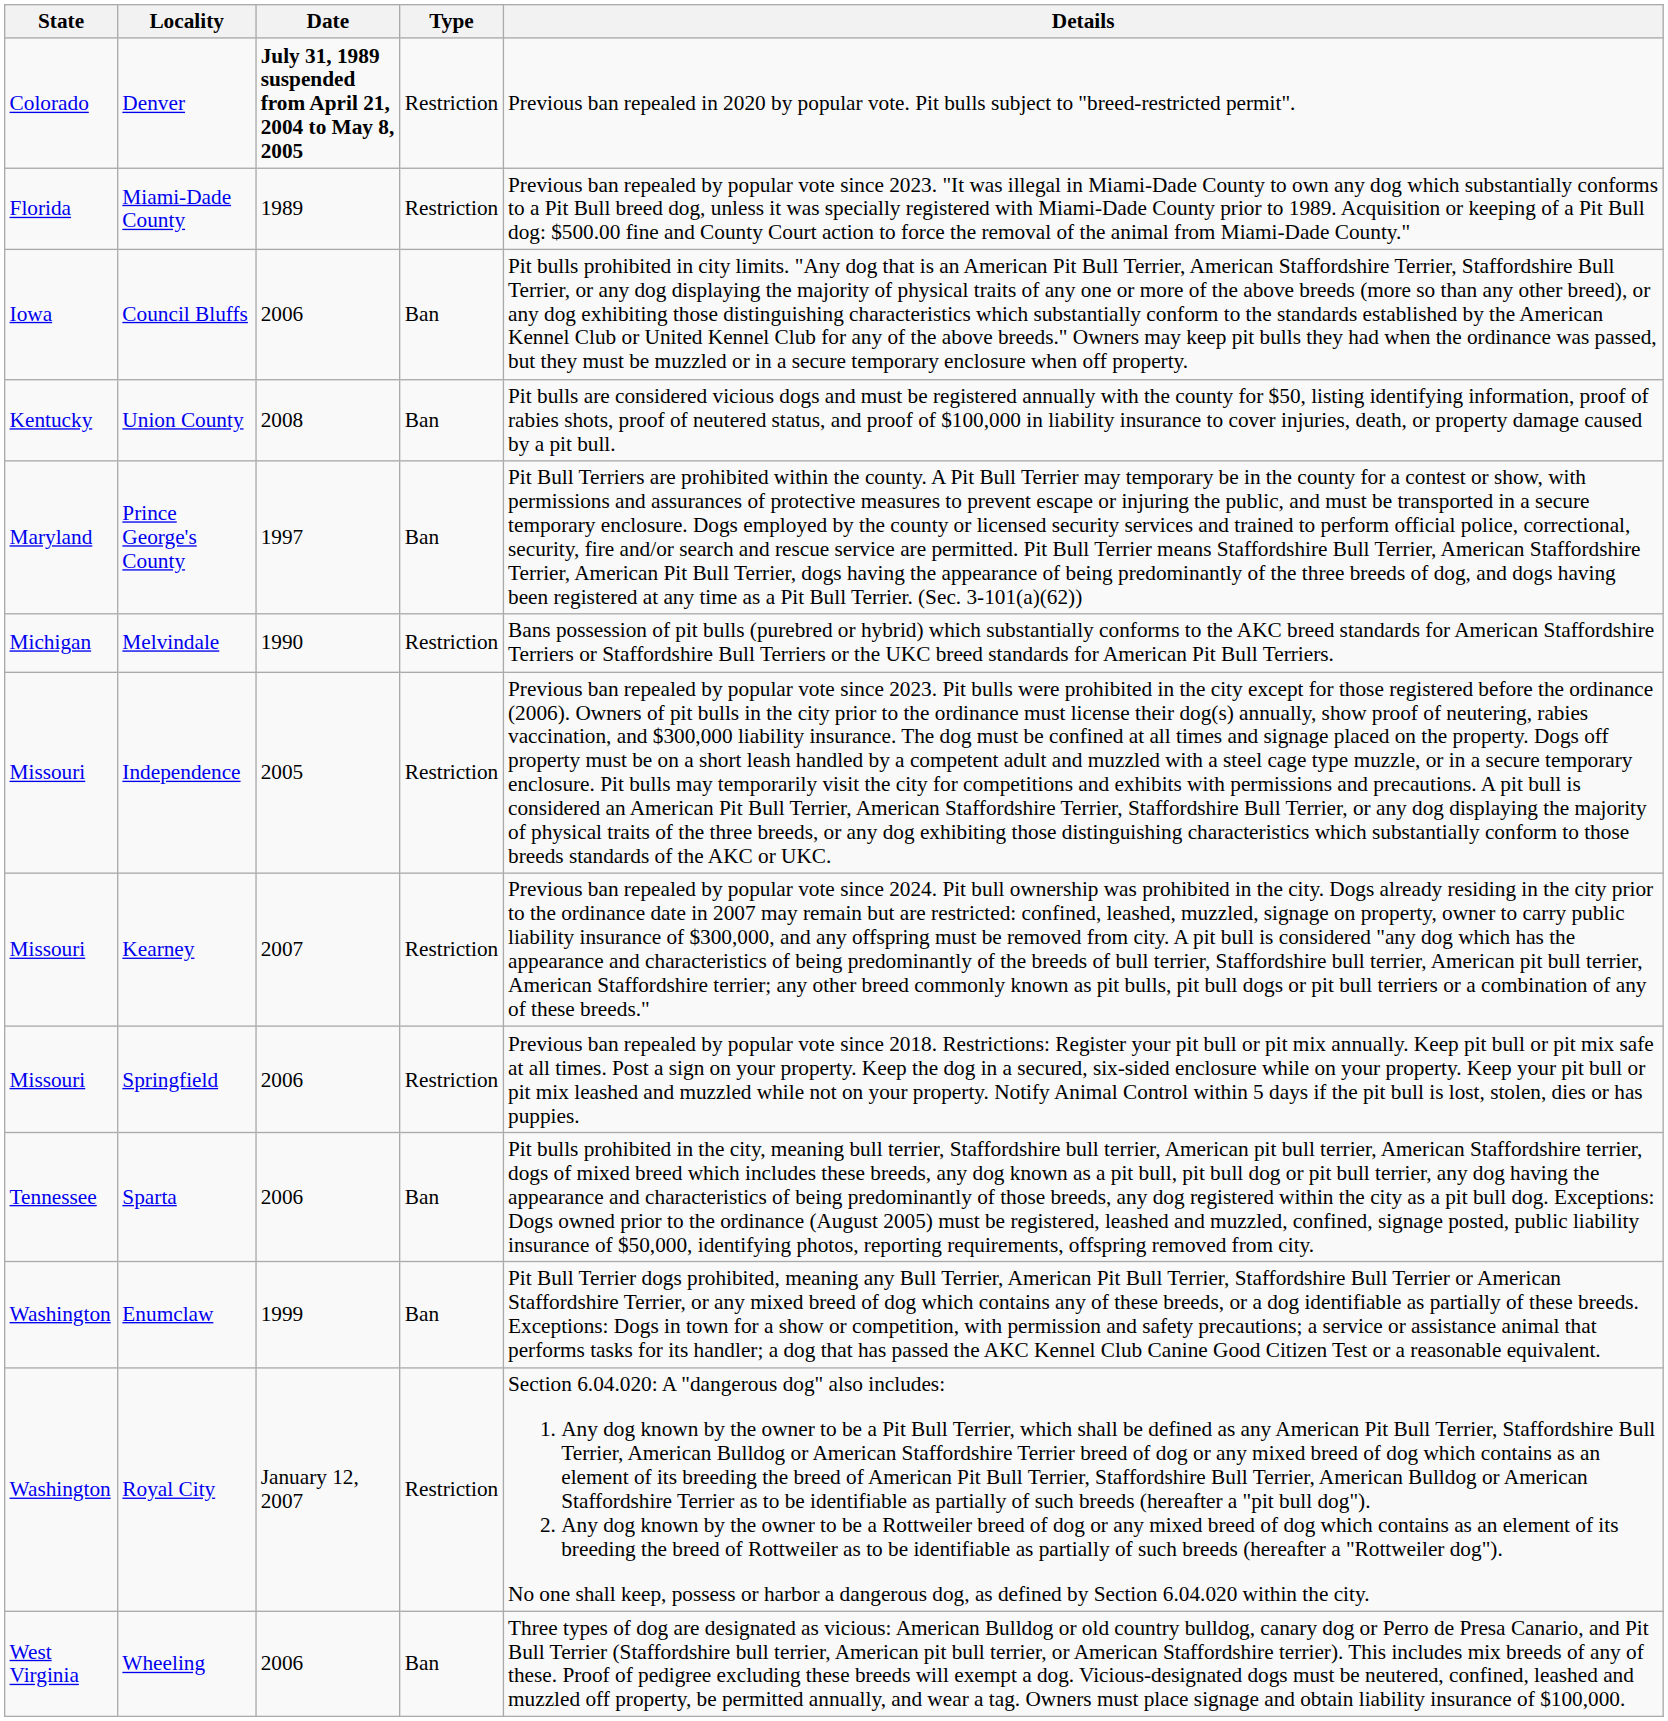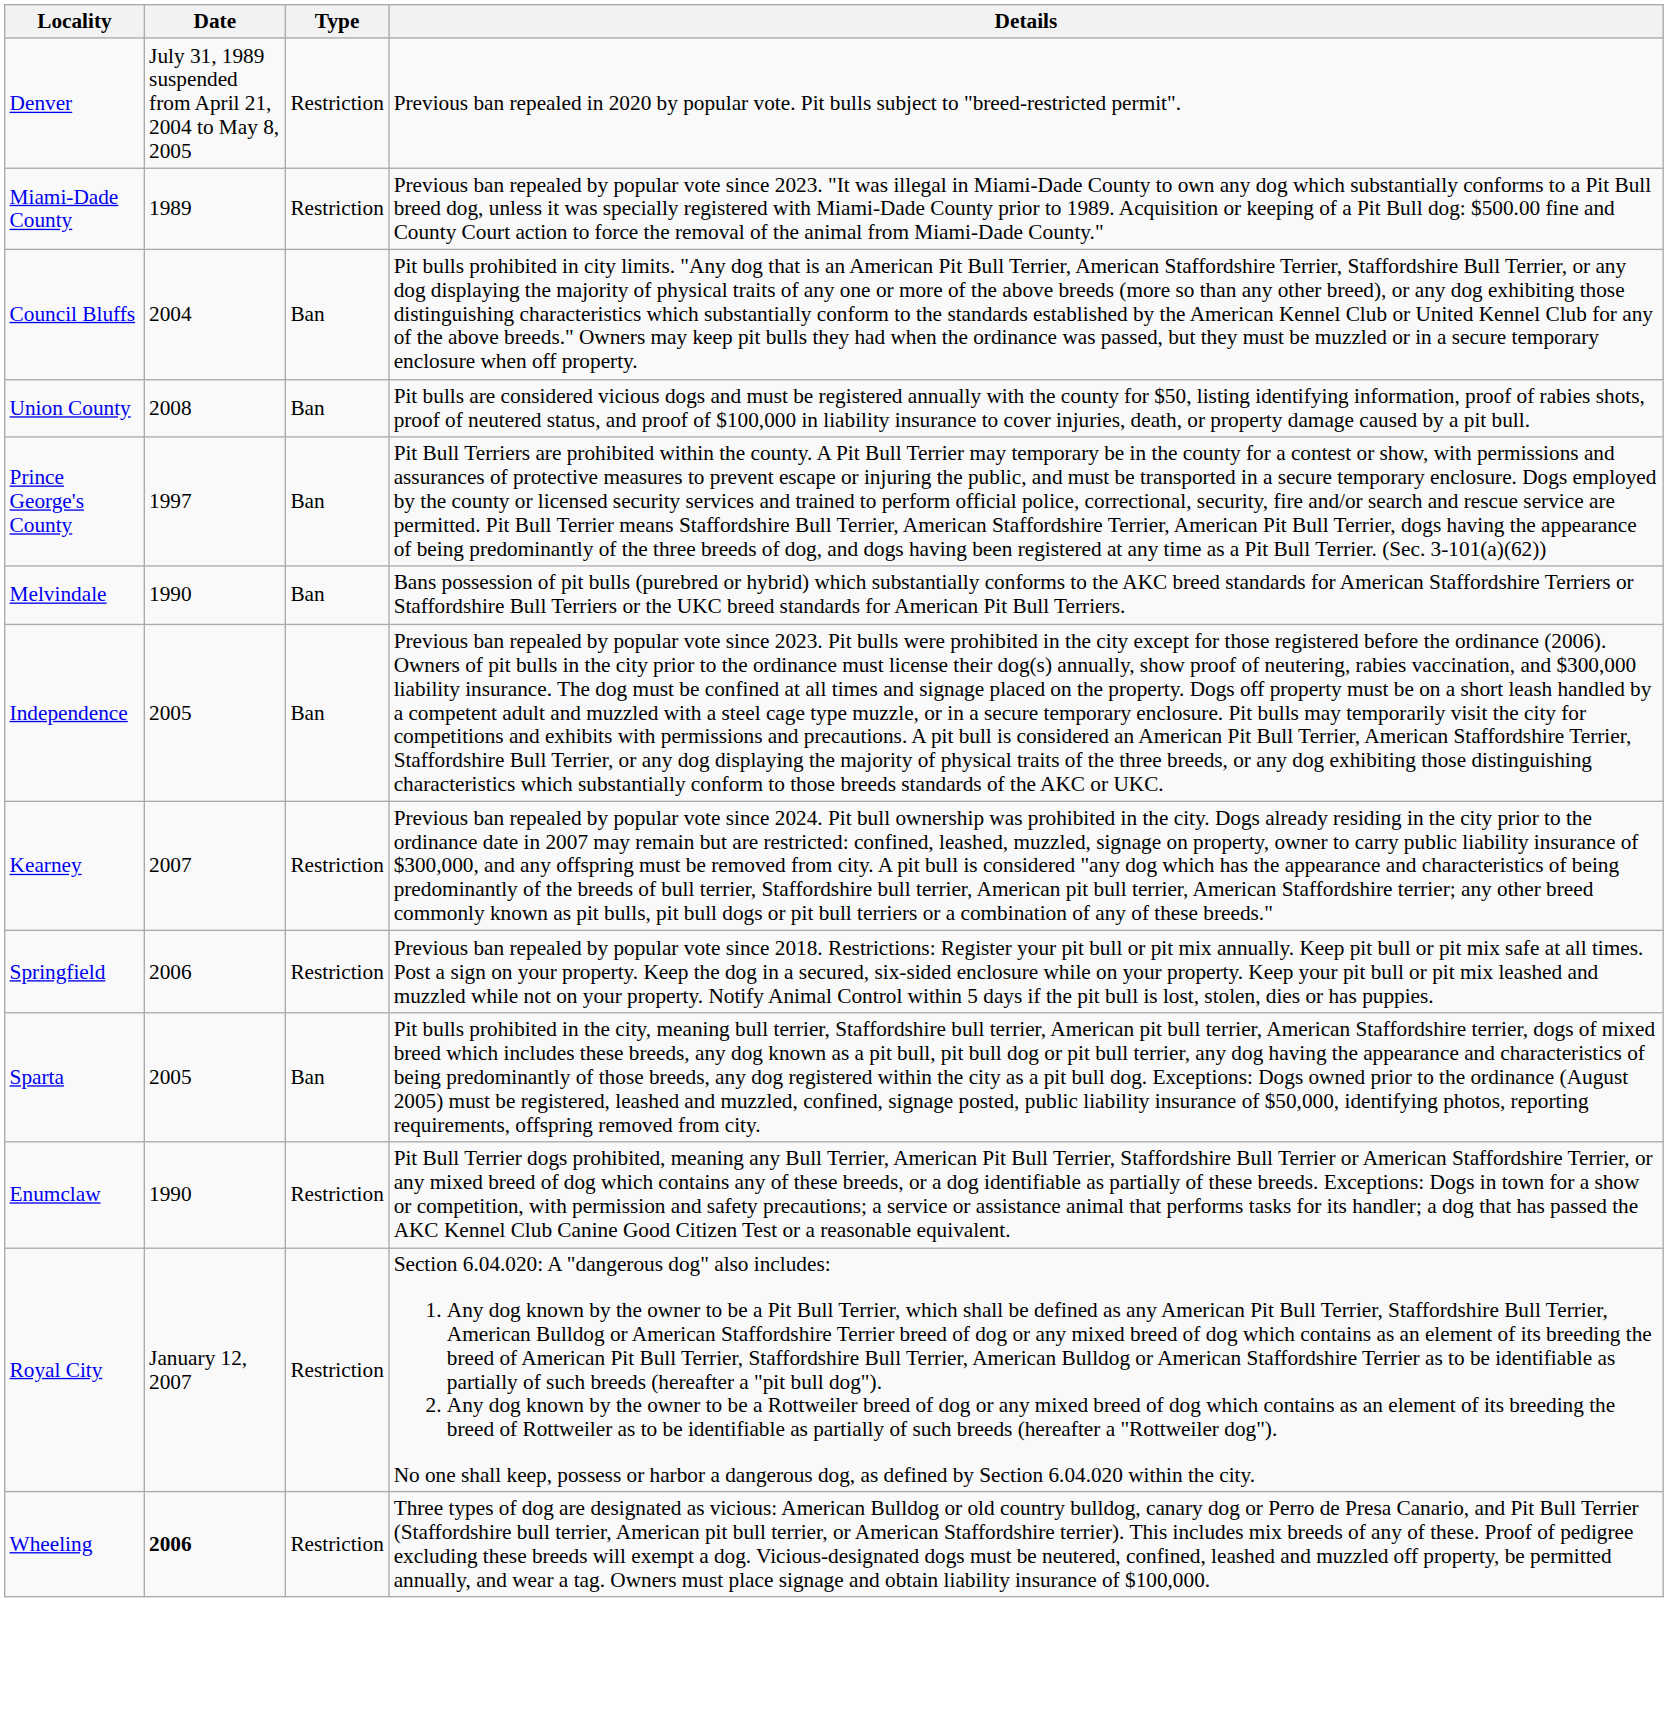 <table class="wikitable">
 <tr>
-<th>State</th>
 <th>Locality</th>
 <th>Date</th>
 <th>Type</th>
 <th>Details</th>
 </tr>
 <tr>
-<td><a href='#'>Colorado</a></td>
 <td><a href='#'>Denver</a></td>
-<td><strong>July 31, 1989<br>suspended from April 21, 2004 to May 8, 2005</strong></td>
+<td>July 31, 1989<br>suspended from April 21, 2004 to May 8, 2005</td>
 <td>Restriction</td>
 <td>Previous ban repealed in 2020 by popular vote. Pit bulls subject to "breed-restricted permit".</td>
 </tr>
 <tr>
-<td><a href='#'>Florida</a></td>
 <td><a href='#'>Miami-Dade County</a></td>
 <td>1989</td>
 <td>Restriction</td>
 <td>Previous ban repealed by popular vote since 2023. "It was illegal in Miami-Dade County to own any dog which substantially conforms to a Pit Bull breed dog, unless it was specially registered with Miami-Dade County prior to 1989. Acquisition or keeping of a Pit Bull dog: $500.00 fine and County Court action to force the removal of the animal from Miami-Dade County."</td>
 </tr>
 <tr>
-<td><a href='#'>Iowa</a></td>
 <td><a href='#'>Council Bluffs</a></td>
-<td>2006</td>
+<td>2004</td>
 <td>Ban</td>
 <td>Pit bulls prohibited in city limits. "Any dog that is an American Pit Bull Terrier, American Staffordshire Terrier, Staffordshire Bull Terrier, or any dog displaying the majority of physical traits of any one or more of the above breeds (more so than any other breed), or any dog exhibiting those distinguishing characteristics which substantially conform to the standards established by the American Kennel Club or United Kennel Club for any of the above breeds." Owners may keep pit bulls they had when the ordinance was passed, but they must be muzzled or in a secure temporary enclosure when off property.</td>
 </tr>
 <tr>
-<td><a href='#'>Kentucky</a></td>
 <td><a href='#'>Union County</a></td>
 <td>2008</td>
 <td>Ban</td>
 <td>Pit bulls are considered vicious dogs and must be registered annually with the county for $50, listing identifying information, proof of rabies shots, proof of neutered status, and proof of $100,000 in liability insurance to cover injuries, death, or property damage caused by a pit bull.</td>
 </tr>
 <tr>
-<td><a href='#'>Maryland</a></td>
 <td><a href='#'>Prince George's County</a></td>
 <td>1997</td>
 <td>Ban</td>
 <td>Pit Bull Terriers are prohibited within the county. A Pit Bull Terrier may temporary be in the county for a contest or show, with permissions and assurances of protective measures to prevent escape or injuring the public, and must be transported in a secure temporary enclosure. Dogs employed by the county or licensed security services and trained to perform official police, correctional, security, fire and/or search and rescue service are permitted. Pit Bull Terrier means Staffordshire Bull Terrier, American Staffordshire Terrier, American Pit Bull Terrier, dogs having the appearance of being predominantly of the three breeds of dog, and dogs having been registered at any time as a Pit Bull Terrier. (Sec. 3-101(a)(62))</td>
 </tr>
 <tr>
-<td><a href='#'>Michigan</a></td>
 <td><a href='#'>Melvindale</a></td>
 <td>1990</td>
-<td>Restriction</td>
+<td>Ban</td>
 <td>Bans possession of pit bulls (purebred or hybrid) which substantially conforms to the AKC breed standards for American Staffordshire Terriers or Staffordshire Bull Terriers or the UKC breed standards for American Pit Bull Terriers.</td>
 </tr>
 <tr>
-<td><a href='#'>Missouri</a></td>
 <td><a href='#'>Independence</a></td>
 <td>2005</td>
-<td>Restriction</td>
+<td>Ban</td>
 <td>Previous ban repealed by popular vote since 2023. Pit bulls were prohibited in the city except for those registered before the ordinance (2006). Owners of pit bulls in the city prior to the ordinance must license their dog(s) annually, show proof of neutering, rabies vaccination, and $300,000 liability insurance. The dog must be confined at all times and signage placed on the property. Dogs off property must be on a short leash handled by a competent adult and muzzled with a steel cage type muzzle, or in a secure temporary enclosure. Pit bulls may temporarily visit the city for competitions and exhibits with permissions and precautions. A pit bull is considered an American Pit Bull Terrier, American Staffordshire Terrier, Staffordshire Bull Terrier, or any dog displaying the majority of physical traits of the three breeds, or any dog exhibiting those distinguishing characteristics which substantially conform to those breeds standards of the AKC or UKC.</td>
 </tr>
 <tr>
-<td><a href='#'>Missouri</a></td>
 <td><a href='#'>Kearney</a></td>
 <td>2007</td>
 <td>Restriction</td>
 <td>Previous ban repealed by popular vote since 2024. Pit bull ownership was prohibited in the city. Dogs already residing in the city prior to the ordinance date in 2007 may remain but are restricted: confined, leashed, muzzled, signage on property, owner to carry public liability insurance of $300,000, and any offspring must be removed from city. A pit bull is considered "any dog which has the appearance and characteristics of being predominantly of the breeds of bull terrier, Staffordshire bull terrier, American pit bull terrier, American Staffordshire terrier; any other breed commonly known as pit bulls, pit bull dogs or pit bull terriers or a combination of any of these breeds."</td>
 </tr>
 <tr>
-<td><a href='#'>Missouri</a></td>
 <td><a href='#'>Springfield</a></td>
 <td>2006</td>
 <td>Restriction</td>
 <td>Previous ban repealed by popular vote since 2018. Restrictions: Register your pit bull or pit mix annually. Keep pit bull or pit mix safe at all times. Post a sign on your property. Keep the dog in a secured, six-sided enclosure while on your property. Keep your pit bull or pit mix leashed and muzzled while not on your property. Notify Animal Control within 5 days if the pit bull is lost, stolen, dies or has puppies.</td>
 </tr>
 <tr>
-<td><a href='#'>Tennessee</a></td>
 <td><a href='#'>Sparta</a></td>
-<td>2006</td>
+<td>2005</td>
 <td>Ban</td>
 <td>Pit bulls prohibited in the city, meaning bull terrier, Staffordshire bull terrier, American pit bull terrier, American Staffordshire terrier, dogs of mixed breed which includes these breeds, any dog known as a pit bull, pit bull dog or pit bull terrier, any dog having the appearance and characteristics of being predominantly of those breeds, any dog registered within the city as a pit bull dog. Exceptions: Dogs owned prior to the ordinance (August 2005) must be registered, leashed and muzzled, confined, signage posted, public liability insurance of $50,000, identifying photos, reporting requirements, offspring removed from city.</td>
 </tr>
 <tr>
-<td><a href='#'>Washington</a></td>
 <td><a href='#'>Enumclaw</a></td>
-<td>1999</td>
-<td>Ban</td>
+<td>1990</td>
+<td>Restriction</td>
 <td>Pit Bull Terrier dogs prohibited, meaning any Bull Terrier, American Pit Bull Terrier, Staffordshire Bull Terrier or American Staffordshire Terrier, or any mixed breed of dog which contains any of these breeds, or a dog identifiable as partially of these breeds. Exceptions: Dogs in town for a show or competition, with permission and safety precautions; a service or assistance animal that performs tasks for its handler; a dog that has passed the AKC Kennel Club Canine Good Citizen Test or a reasonable equivalent.</td>
 </tr>
 <tr>
-<td><a href='#'>Washington</a></td>
 <td><a href='#'>Royal City</a></td>
 <td>January 12, 2007</td>
 <td>Restriction</td>
 <td>Section 6.04.020: A "dangerous dog" also includes:<br><ol><li>Any dog known by the owner to be a Pit Bull Terrier, which shall be defined as any American Pit Bull Terrier, Staffordshire Bull Terrier, American Bulldog or American Staffordshire Terrier breed of dog or any mixed breed of dog which contains as an element of its breeding the breed of American Pit Bull Terrier, Staffordshire Bull Terrier, American Bulldog or American Staffordshire Terrier as to be identifiable as partially of such breeds (hereafter a "pit bull dog").</li><li>Any dog known by the owner to be a Rottweiler breed of dog or any mixed breed of dog which contains as an element of its breeding the breed of Rottweiler as to be identifiable as partially of such breeds (hereafter a "Rottweiler dog").</li></ol>No one shall keep, possess or harbor a dangerous dog, as defined by Section 6.04.020 within the city.</td>
 </tr>
 <tr>
-<td><a href='#'>West Virginia</a></td>
 <td><a href='#'>Wheeling</a></td>
-<td>2006</td>
-<td>Ban</td>
+<td><strong>2006</strong></td>
+<td>Restriction</td>
 <td>Three types of dog are designated as vicious: American Bulldog or old country bulldog, canary dog or Perro de Presa Canario, and Pit Bull Terrier (Staffordshire bull terrier, American pit bull terrier, or American Staffordshire terrier). This includes mix breeds of any of these. Proof of pedigree excluding these breeds will exempt a dog. Vicious-designated dogs must be neutered, confined, leashed and muzzled off property, be permitted annually, and wear a tag. Owners must place signage and obtain liability insurance of $100,000.</td>
 </tr>
 </table>
